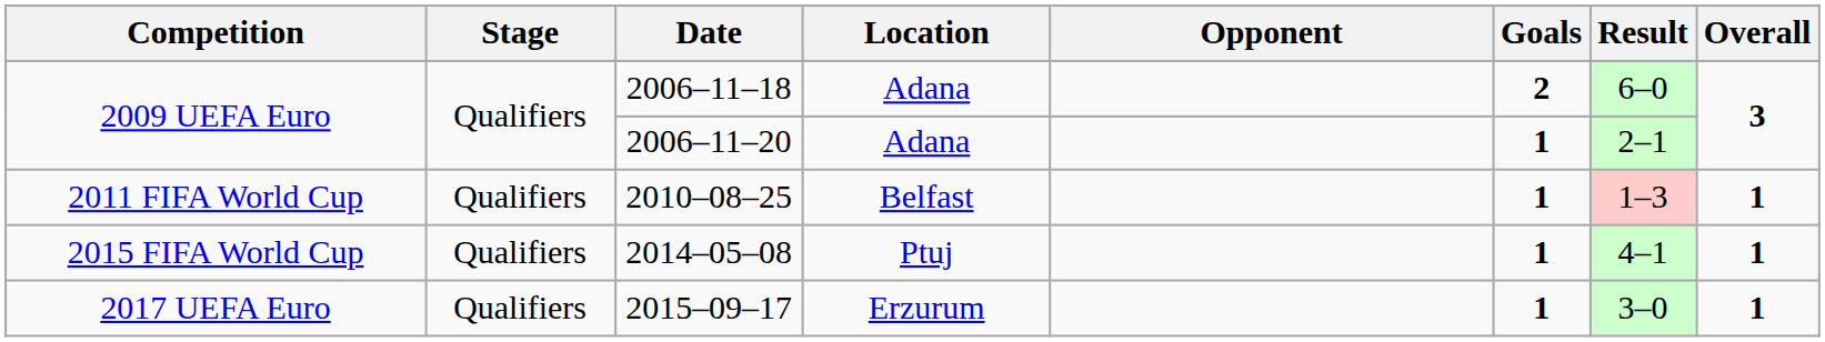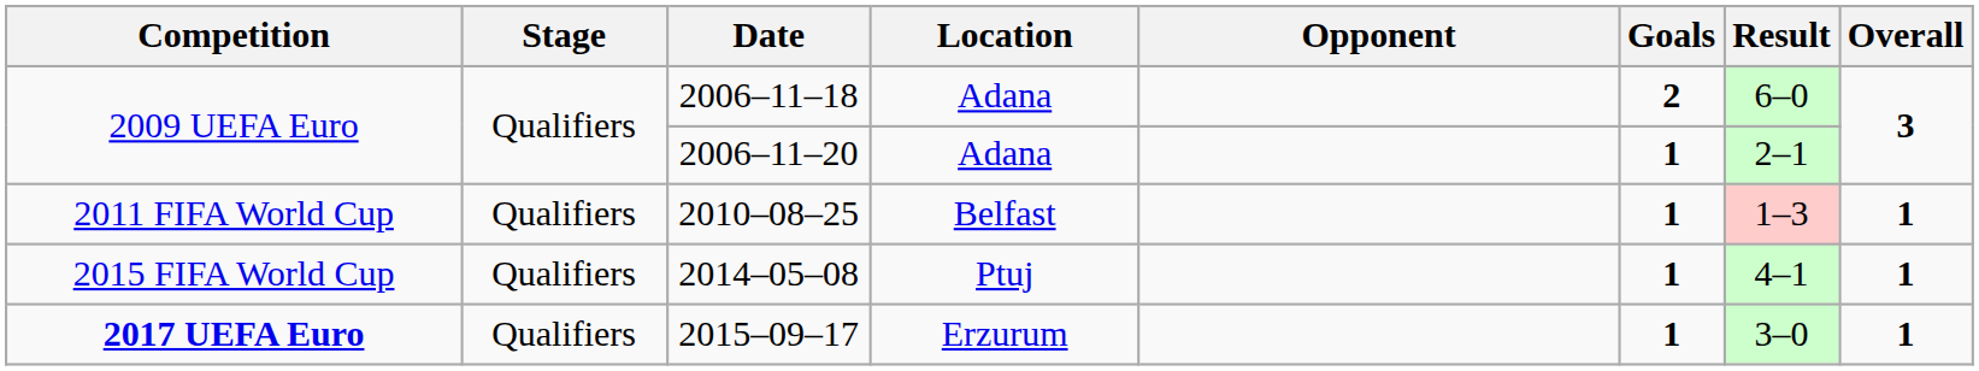 <table class="wikitable" style="font-size:90%">
 <tr>
 <th width=175px>Competition</th>
 <th width=75px>Stage</th>
 <th width=75px>Date</th>
 <th width=100px>Location</th>
 <th width=185px>Opponent</th>
 <th width=25px>Goals</th>
 <th width=25>Result</th>
 <th width=25px>Overall</th>
 </tr>
 <tr align=center>
 <td rowspan=2><a href='#'>2009 UEFA Euro</a></td>
 <td rowspan=2>Qualifiers</td>
 <td>2006–11–18</td>
 <td><a href='#'>Adana</a></td>
 <td align=left></td>
 <td><strong>2</strong></td>
 <td bgcolor=#CCFFCC>6–0</td>
 <td rowspan=2><strong>3</strong></td>
 </tr>
 <tr align=center>
 <td>2006–11–20</td>
 <td><a href='#'>Adana</a></td>
 <td align=left></td>
 <td><strong>1</strong></td>
 <td bgcolor=#CCFFCC>2–1</td>
 </tr>
 <tr align=center>
 <td><a href='#'>2011 FIFA World Cup</a></td>
 <td>Qualifiers</td>
 <td>2010–08–25</td>
 <td><a href='#'>Belfast</a></td>
 <td align=left></td>
 <td><strong>1</strong></td>
 <td bgcolor=#FFCCCC>1–3</td>
 <td><strong>1</strong></td>
 </tr>
 <tr align=center>
 <td><a href='#'>2015 FIFA World Cup</a></td>
 <td>Qualifiers</td>
 <td>2014–05–08</td>
 <td><a href='#'>Ptuj</a></td>
 <td align=left></td>
 <td><strong>1</strong></td>
 <td bgcolor=#CCFFCC>4–1</td>
 <td><strong>1</strong></td>
 </tr>
 <tr align=center>
-<td><a href='#'>2017 UEFA Euro</a></td>
+<td><strong><a href='#'>2017 UEFA Euro</a></strong></td>
 <td>Qualifiers</td>
 <td>2015–09–17</td>
 <td><a href='#'>Erzurum</a></td>
 <td align=left></td>
 <td><strong>1</strong></td>
 <td bgcolor=#CCFFCC>3–0</td>
 <td><strong>1</strong></td>
 </tr>
 </table>
